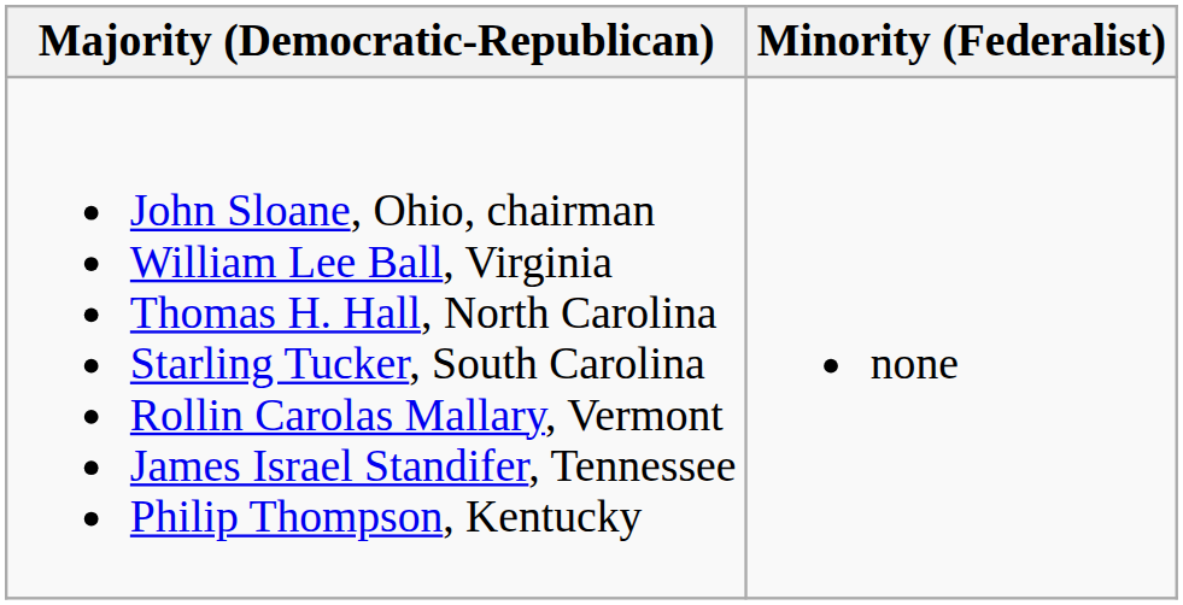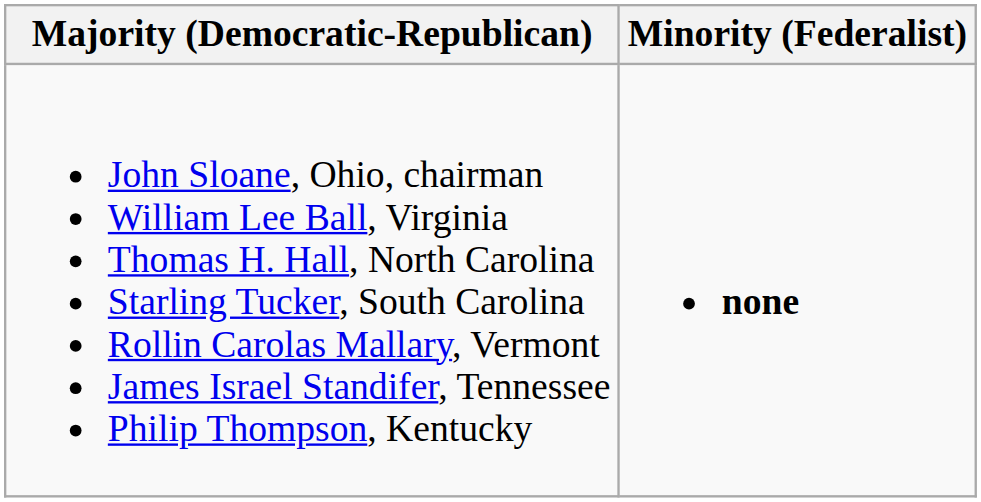 <table class=wikitable>
 <tr>
 <th>Majority (Democratic-Republican)</th>
 <th>Minority (Federalist)</th>
 </tr>
 <tr>
 <td><br><ul><li><a href='#'>John Sloane</a>, Ohio, chairman</li><li><a href='#'>William Lee Ball</a>, Virginia</li><li><a href='#'>Thomas H. Hall</a>, North Carolina</li><li><a href='#'>Starling Tucker</a>, South Carolina</li><li><a href='#'>Rollin Carolas Mallary</a>, Vermont</li><li><a href='#'>James Israel Standifer</a>, Tennessee</li><li><a href='#'>Philip Thompson</a>, Kentucky</li></ul></td>
-<td><br><ul><li>none</li></ul></td>
+<td><strong><br><ul><li>none</li></ul></strong></td>
 </tr>
 </table>
